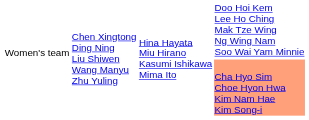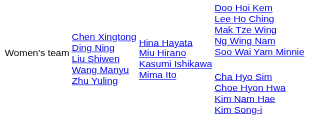 <table>
 <tr>
 <td rowspan=2>Women's team</td>
 <td rowspan=2><br><a href='#'>Chen Xingtong</a><br><a href='#'>Ding Ning</a><br><a href='#'>Liu Shiwen</a><br><a href='#'>Wang Manyu</a><br><a href='#'>Zhu Yuling</a></td>
 <td rowspan=2><br><a href='#'>Hina Hayata</a><br><a href='#'>Miu Hirano</a><br><a href='#'>Kasumi Ishikawa</a><br><a href='#'>Mima Ito</a></td>
 <td><br><a href='#'>Doo Hoi Kem</a><br><a href='#'>Lee Ho Ching</a><br><a href='#'>Mak Tze Wing</a><br><a href='#'>Ng Wing Nam</a><br><a href='#'>Soo Wai Yam Minnie</a></td>
 </tr>
 <tr>
-<td style="background: lightsalmon;"><br><a href='#'>Cha Hyo Sim</a><br><a href='#'>Choe Hyon Hwa</a><br><a href='#'>Kim Nam Hae</a><br><a href='#'>Kim Song-i</a></td>
+<td><br><a href='#'>Cha Hyo Sim</a><br><a href='#'>Choe Hyon Hwa</a><br><a href='#'>Kim Nam Hae</a><br><a href='#'>Kim Song-i</a></td>
 </tr>
 </table>
